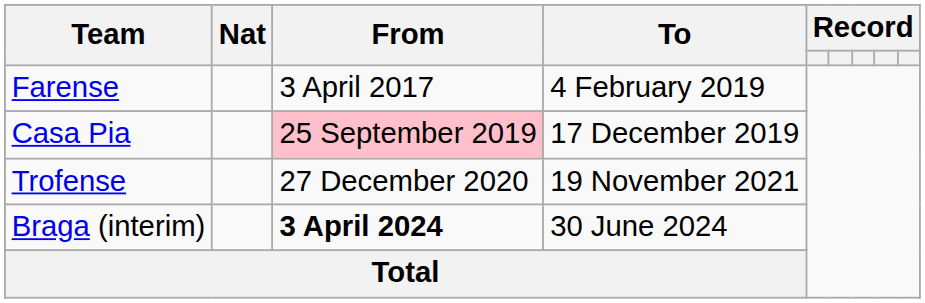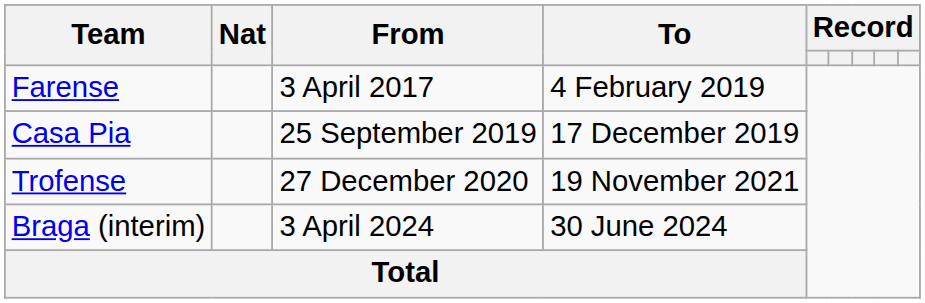 <table class="wikitable" style="text-align: center">
 <tr>
 <th rowspan=2>Team</th>
 <th rowspan=2>Nat</th>
 <th rowspan=2>From</th>
 <th rowspan=2>To</th>
 <th colspan=8>Record</th>
 </tr>
 <tr>
 <th></th>
 <th></th>
 <th></th>
 <th></th>
 <th></th>
 </tr>
 <tr>
 <td align=left><a href='#'>Farense</a></td>
 <td></td>
 <td align=left>3 April 2017</td>
 <td align=left>4 February 2019<br></td>
 </tr>
 <tr>
 <td align=left><a href='#'>Casa Pia</a></td>
 <td></td>
-<td align=left style="background: pink;">25 September 2019</td>
+<td align=left>25 September 2019</td>
 <td align=left>17 December 2019<br></td>
 </tr>
 <tr>
 <td align=left><a href='#'>Trofense</a></td>
 <td></td>
 <td align=left>27 December 2020</td>
 <td align=left>19 November 2021<br></td>
 </tr>
 <tr>
 <td align=left><a href='#'>Braga</a> (interim)</td>
 <td></td>
-<td align=left><strong>3 April 2024</strong></td>
+<td align=left>3 April 2024</td>
 <td align=left>30 June 2024<br></td>
 </tr>
 <tr>
 <th colspan="4">Total<br></th>
 </tr>
 </table>
